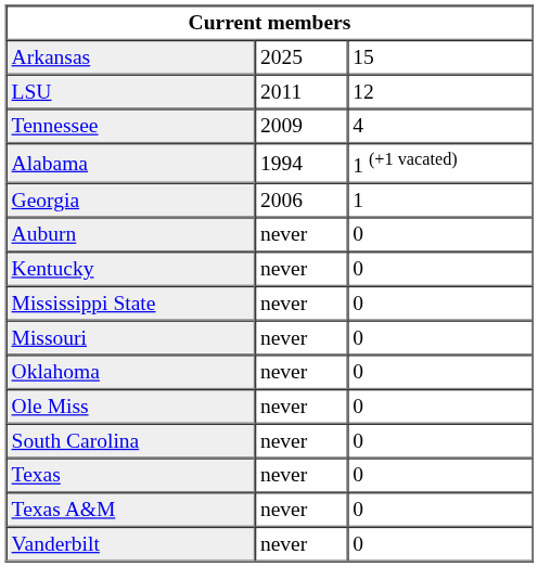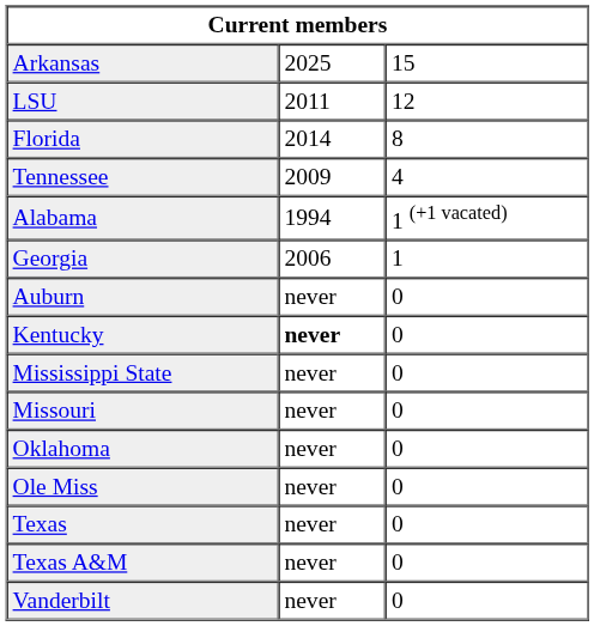 <table border="1" cellpadding="3" cellspacing="0" align="right" width="400px">
 <tr>
 </tr>
 <tr>
 <td colspan=3 align="center"><strong>Current members</strong></td>
 </tr>
 <tr>
 <td bgcolor=#efefef><a href='#'>Arkansas</a></td>
 <td>2025</td>
 <td>15</td>
 </tr>
 <tr>
 <td bgcolor="#efefef"><a href='#'>LSU</a></td>
 <td>2011</td>
 <td>12</td>
+</tr>
+<tr>
+<td bgcolor="#efefef"><a href='#'>Florida</a></td>
+<td>2014</td>
+<td>8</td>
 </tr>
 <tr>
 <td bgcolor="#efefef"><a href='#'>Tennessee</a></td>
 <td>2009</td>
 <td>4</td>
 </tr>
 <tr>
 <td bgcolor="#efefef"><a href='#'>Alabama</a></td>
 <td>1994</td>
 <td>1 <sup>(+1 vacated)</sup></td>
 </tr>
 <tr>
 <td bgcolor="#efefef"><a href='#'>Georgia</a></td>
 <td>2006</td>
 <td>1</td>
 </tr>
 <tr>
 <td bgcolor="#efefef"><a href='#'>Auburn</a></td>
 <td>never</td>
 <td>0</td>
 </tr>
 <tr>
 <td bgcolor="#efefef"><a href='#'>Kentucky</a></td>
-<td>never</td>
+<td><strong>never</strong></td>
 <td>0</td>
 </tr>
 <tr>
 <td bgcolor="#efefef"><a href='#'>Mississippi State</a></td>
 <td>never</td>
 <td>0</td>
 </tr>
 <tr>
 <td bgcolor="#efefef"><a href='#'>Missouri</a></td>
 <td>never</td>
 <td>0</td>
 </tr>
 <tr>
 <td bgcolor="#efefef"><a href='#'>Oklahoma</a></td>
 <td>never</td>
 <td>0</td>
 </tr>
 <tr>
 <td bgcolor="#efefef"><a href='#'>Ole Miss</a></td>
 <td>never</td>
 <td>0</td>
 </tr>
 <tr>
-<td bgcolor="#efefef"><a href='#'>South Carolina</a></td>
-<td>never</td>
-<td>0</td>
-</tr>
-<tr>
 <td bgcolor="#efefef"><a href='#'>Texas</a></td>
 <td>never</td>
 <td>0</td>
 </tr>
 <tr>
 <td bgcolor="#efefef"><a href='#'>Texas A&M</a></td>
 <td>never</td>
 <td>0</td>
 </tr>
 <tr>
 <td bgcolor="#efefef"><a href='#'>Vanderbilt</a></td>
 <td>never</td>
 <td>0</td>
 </tr>
 </table>
